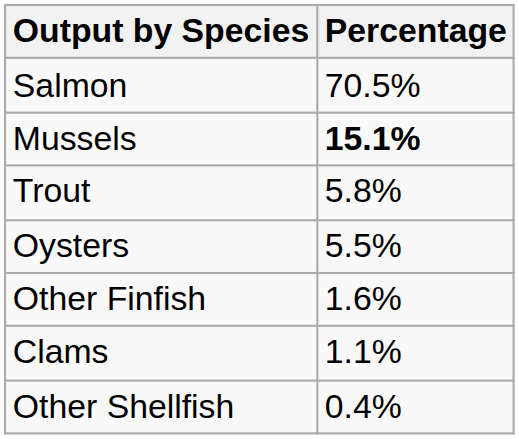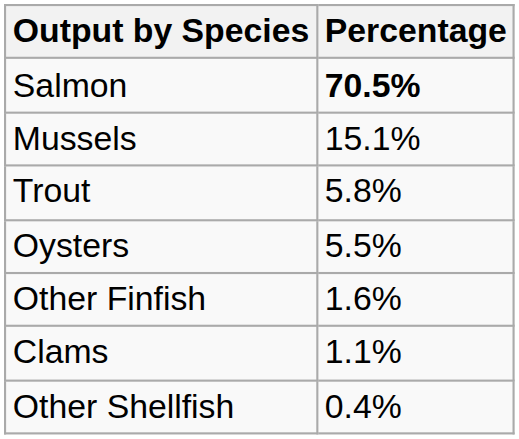 <table class="wikitable">
 <tr>
 <th>Output by Species</th>
 <th>Percentage</th>
 </tr>
 <tr>
 <td>Salmon</td>
-<td>70.5%</td>
+<td><strong>70.5%</strong></td>
 </tr>
 <tr>
 <td>Mussels</td>
-<td><strong>15.1%</strong></td>
+<td>15.1%</td>
 </tr>
 <tr>
 <td>Trout</td>
 <td>5.8%</td>
 </tr>
 <tr>
 <td>Oysters</td>
 <td>5.5%</td>
 </tr>
 <tr>
 <td>Other Finfish</td>
 <td>1.6%</td>
 </tr>
 <tr>
 <td>Clams</td>
 <td>1.1%</td>
 </tr>
 <tr>
 <td>Other Shellfish</td>
 <td>0.4%</td>
 </tr>
 </table>
